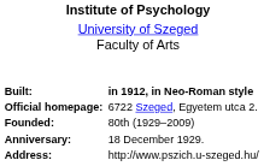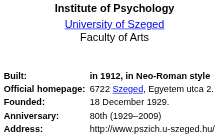 <table id="toc" style="float: right; margin-left: 1em; width: 25em; font-size: 90%; clear: right;" cellspacing="3">
 <tr>
 <td colspan="2" style="text-align: center; font-size: larger;"><strong>Institute of Psychology</strong></td>
 </tr>
 <tr>
 <td colspan="2" style="text-align: center; font-size: larger"><a href='#'>University of Szeged</a><br>Faculty of Arts</td>
 </tr>
 <tr>
 <td colspan="2"></td>
 </tr>
 <tr>
 <td colspan="2" style="padding: 1em 0; text-align: center;"></td>
 </tr>
 <tr style="vertical-align: top;">
 <td><strong>Built:</strong></td>
 <td style="padding-right: 1em;"><strong>in 1912, in Neo-Roman style</strong></td>
 </tr>
 <tr style="vertical-align: top;">
 <td><strong>Official homepage:</strong></td>
 <td style="padding-right: 1em;">6722 <a href='#'>Szeged</a>, Egyetem utca 2.</td>
 </tr>
 <tr style="vertical-align: top;">
 <td><strong>Founded: </strong></td>
-<td style="padding-right: 1em;">80th (1929–2009)</td>
+<td style="padding-right: 1em;">18 December 1929.</td>
 </tr>
 <tr style="vertical-align: top;">
 <td><strong>Anniversary:</strong></td>
-<td style="padding-right: 1em;">18 December 1929.</td>
+<td style="padding-right: 1em;">80th (1929–2009)</td>
 </tr>
 <tr style="vertical-align: top;">
 <td><strong>Address:</strong></td>
 <td style="padding-right: 1em;">http://www.pszich.u-szeged.hu/</td>
 </tr>
 </table>
